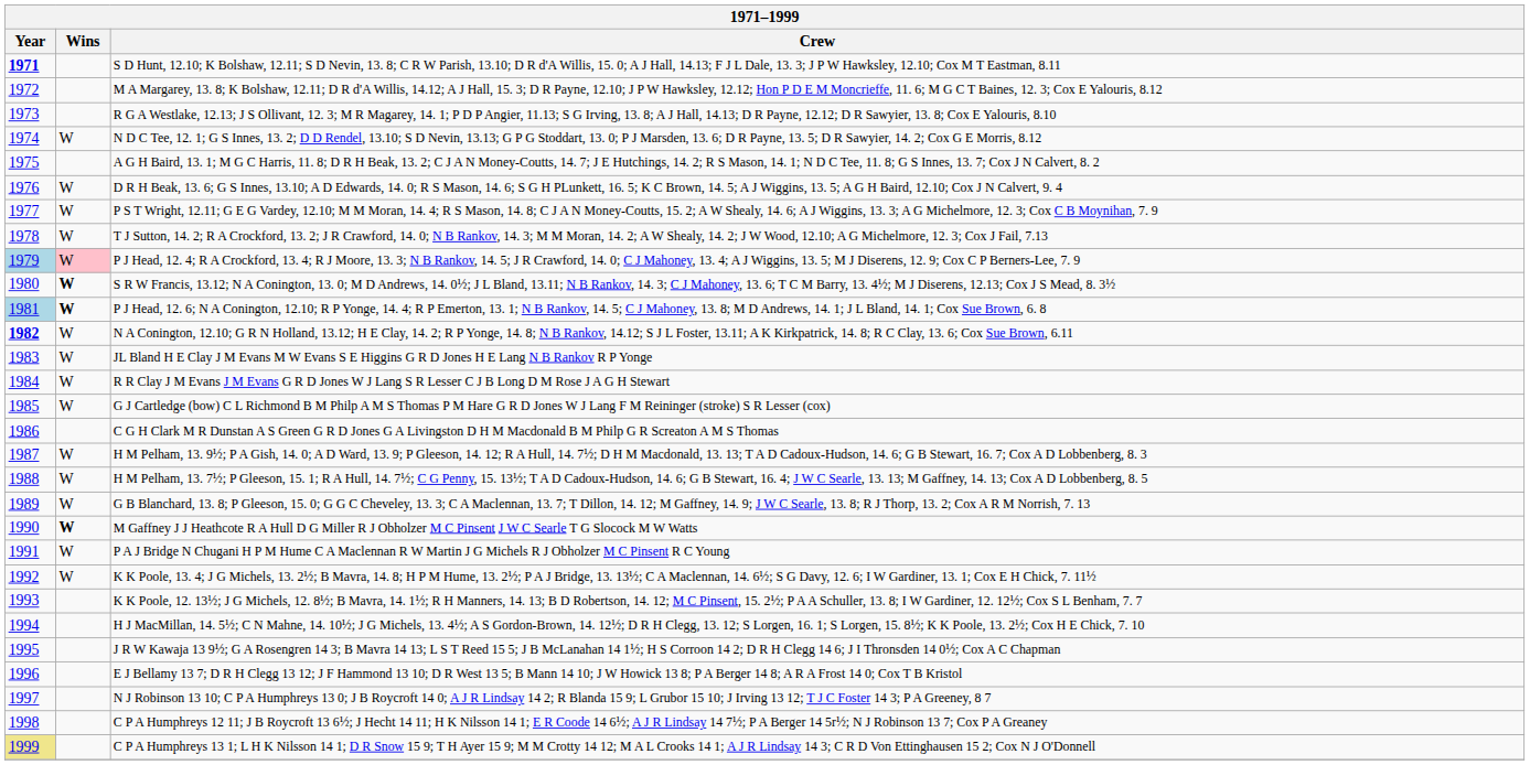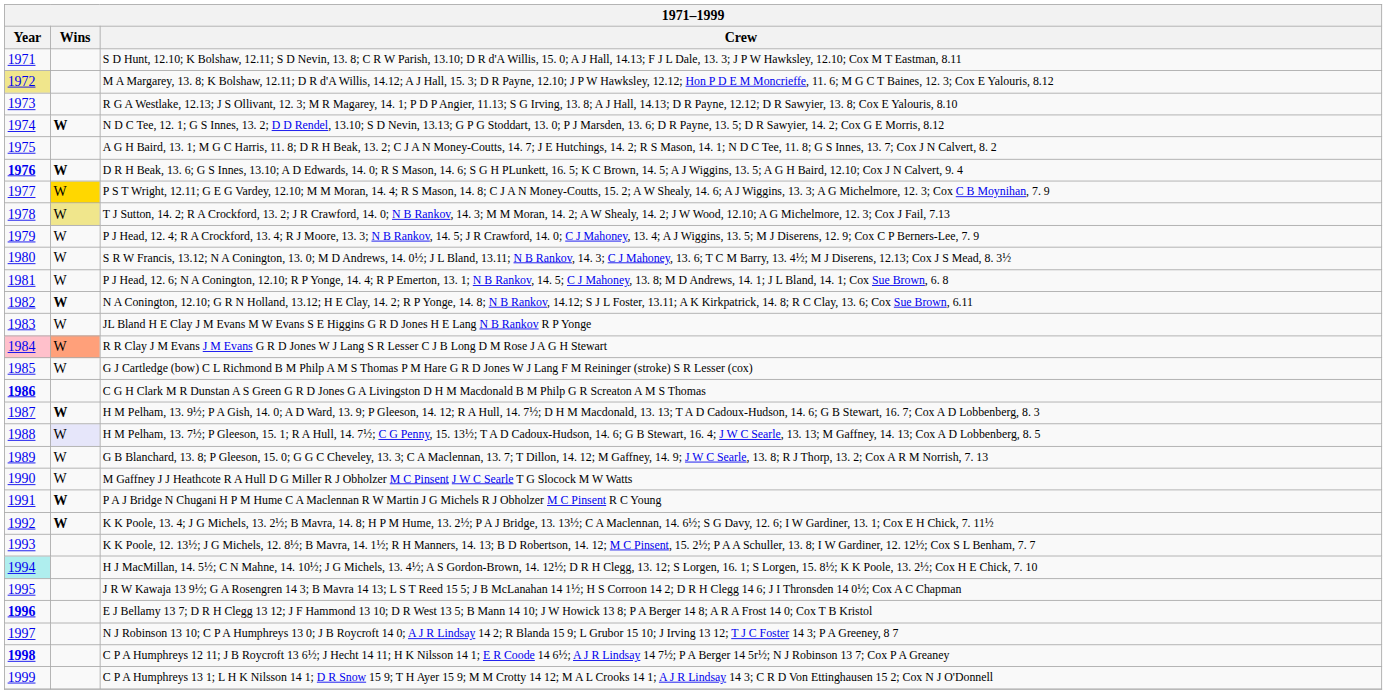 <table class="wikitable" width="100%">
 <tr>
 <th colspan=3>1971–1999</th>
 </tr>
 <tr>
 <th>Year</th>
 <th>Wins</th>
 <th>Crew</th>
 </tr>
 <tr>
-<td><strong><a href='#'>1971</a></strong></td>
+<td><a href='#'>1971</a></td>
 <td></td>
 <td style="font-size:85%">S D Hunt, 12.10; K Bolshaw, 12.11; S D Nevin, 13. 8; C R W Parish, 13.10; D R d'A Willis, 15. 0; A J Hall, 14.13; F J L Dale, 13. 3; J P W Hawksley, 12.10; Cox M T Eastman, 8.11</td>
 </tr>
 <tr>
-<td><a href='#'>1972</a></td>
+<td style="background: khaki;"><a href='#'>1972</a></td>
 <td></td>
 <td style="font-size:85%">M A Margarey, 13. 8; K Bolshaw, 12.11; D R d'A Willis, 14.12; A J Hall, 15. 3; D R Payne, 12.10; J P W Hawksley, 12.12; <a href='#'>Hon P D E M Moncrieffe</a>, 11. 6; M G C T Baines, 12. 3; Cox E Yalouris, 8.12</td>
 </tr>
 <tr>
 <td><a href='#'>1973</a></td>
 <td></td>
 <td style="font-size:85%">R G A Westlake, 12.13; J S Ollivant, 12. 3; M R Magarey, 14. 1; P D P Angier, 11.13; S G Irving, 13. 8; A J Hall, 14.13; D R Payne, 12.12; D R Sawyier, 13. 8; Cox E Yalouris, 8.10</td>
 </tr>
 <tr>
 <td><a href='#'>1974</a></td>
-<td>W</td>
+<td><strong>W</strong></td>
 <td style="font-size:85%">N D C Tee, 12. 1; G S Innes, 13. 2; <a href='#'>D D Rendel</a>, 13.10; S D Nevin, 13.13; G P G Stoddart, 13. 0; P J Marsden, 13. 6; D R Payne, 13. 5; D R Sawyier, 14. 2; Cox G E Morris, 8.12</td>
 </tr>
 <tr>
 <td><a href='#'>1975</a></td>
 <td></td>
 <td style="font-size:85%">A G H Baird, 13. 1; M G C Harris, 11. 8; D R H Beak, 13. 2; C J A N Money-Coutts, 14. 7; J E Hutchings, 14. 2; R S Mason, 14. 1; N D C Tee, 11. 8; G S Innes, 13. 7; Cox J N Calvert, 8. 2</td>
 </tr>
 <tr>
-<td><a href='#'>1976</a></td>
-<td>W</td>
+<td><strong><a href='#'>1976</a></strong></td>
+<td><strong>W</strong></td>
 <td style="font-size:85%">D R H Beak, 13. 6; G S Innes, 13.10; A D Edwards, 14. 0; R S Mason, 14. 6; S G H PLunkett, 16. 5; K C Brown, 14. 5; A J Wiggins, 13. 5; A G H Baird, 12.10; Cox J N Calvert, 9. 4</td>
 </tr>
 <tr>
 <td><a href='#'>1977</a></td>
-<td>W</td>
+<td style="background: gold;">W</td>
 <td style="font-size:85%">P S T Wright, 12.11; G E G Vardey, 12.10; M M Moran, 14. 4; R S Mason, 14. 8; C J A N Money-Coutts, 15. 2; A W Shealy, 14. 6; A J Wiggins, 13. 3; A G Michelmore, 12. 3; Cox <a href='#'>C B Moynihan</a>, 7. 9</td>
 </tr>
 <tr>
 <td><a href='#'>1978</a></td>
-<td>W</td>
+<td style="background: khaki;">W</td>
 <td style="font-size:85%">T J Sutton, 14. 2; R A Crockford, 13. 2; J R Crawford, 14. 0; <a href='#'>N B Rankov</a>, 14. 3; M M Moran, 14. 2; A W Shealy, 14. 2; J W Wood, 12.10; A G Michelmore, 12. 3; Cox J Fail, 7.13</td>
 </tr>
 <tr>
-<td style="background: lightblue;"><a href='#'>1979</a></td>
-<td style="background: pink;">W</td>
+<td><a href='#'>1979</a></td>
+<td>W</td>
 <td style="font-size:85%">P J Head, 12. 4; R A Crockford, 13. 4; R J Moore, 13. 3; <a href='#'>N B Rankov</a>, 14. 5; J R Crawford, 14. 0; <a href='#'>C J Mahoney</a>, 13. 4; A J Wiggins, 13. 5; M J Diserens, 12. 9; Cox C P Berners-Lee, 7. 9</td>
 </tr>
 <tr>
 <td><a href='#'>1980</a></td>
-<td><strong>W</strong></td>
+<td>W</td>
 <td style="font-size:85%">S R W Francis, 13.12; N A Conington, 13. 0; M D Andrews, 14. 0½; J L Bland, 13.11; <a href='#'>N B Rankov</a>, 14. 3; <a href='#'>C J Mahoney</a>, 13. 6; T C M Barry, 13. 4½; M J Diserens, 12.13; Cox J S Mead, 8. 3½</td>
 </tr>
 <tr>
-<td style="background: lightblue;"><a href='#'>1981</a></td>
-<td><strong>W</strong></td>
+<td><a href='#'>1981</a></td>
+<td>W</td>
 <td style="font-size:85%">P J Head, 12. 6; N A Conington, 12.10; R P Yonge, 14. 4; R P Emerton, 13. 1; <a href='#'>N B Rankov</a>, 14. 5; <a href='#'>C J Mahoney</a>, 13. 8; M D Andrews, 14. 1; J L Bland, 14. 1; Cox <a href='#'>Sue Brown</a>, 6. 8</td>
 </tr>
 <tr>
-<td><strong><a href='#'>1982</a></strong></td>
-<td>W</td>
+<td><a href='#'>1982</a></td>
+<td><strong>W</strong></td>
 <td style="font-size:85%">N A Conington, 12.10; G R N Holland, 13.12; H E Clay, 14. 2; R P Yonge, 14. 8; <a href='#'>N B Rankov</a>, 14.12; S J L Foster, 13.11; A K Kirkpatrick, 14. 8; R C Clay, 13. 6; Cox <a href='#'>Sue Brown</a>, 6.11</td>
 </tr>
 <tr>
 <td><a href='#'>1983</a></td>
 <td>W</td>
 <td style="font-size:85%">JL Bland H E Clay J M Evans M W Evans S E Higgins G R D Jones H E Lang <a href='#'>N B Rankov</a> R P Yonge</td>
 </tr>
 <tr>
-<td><a href='#'>1984</a></td>
-<td>W</td>
+<td style="background: pink;"><a href='#'>1984</a></td>
+<td style="background: lightsalmon;">W</td>
 <td style="font-size:85%">R R Clay J M Evans <a href='#'>J M Evans</a> G R D Jones W J Lang S R Lesser C J B Long D M Rose J A G H Stewart</td>
 </tr>
 <tr>
 <td><a href='#'>1985</a></td>
 <td>W</td>
 <td style="font-size:85%">G J Cartledge (bow) C L Richmond B M Philp A M S Thomas P M Hare G R D Jones W J Lang F M Reininger (stroke) S R Lesser (cox)</td>
 </tr>
 <tr>
-<td><a href='#'>1986</a></td>
+<td><strong><a href='#'>1986</a></strong></td>
 <td></td>
 <td style="font-size:85%">C G H Clark M R Dunstan A S Green G R D Jones G A Livingston D H M Macdonald B M Philp G R Screaton A M S Thomas</td>
 </tr>
 <tr>
 <td><a href='#'>1987</a></td>
-<td>W</td>
+<td><strong>W</strong></td>
 <td style="font-size:85%">H M Pelham, 13. 9½; P A Gish, 14. 0; A D Ward, 13. 9; P Gleeson, 14. 12; R A Hull, 14. 7½; D H M Macdonald, 13. 13; T A D Cadoux-Hudson, 14. 6; G B Stewart, 16. 7; Cox A D Lobbenberg, 8. 3</td>
 </tr>
 <tr>
 <td><a href='#'>1988</a></td>
-<td>W</td>
+<td style="background: lavender;">W</td>
 <td style="font-size:85%">H M Pelham, 13. 7½; P Gleeson, 15. 1; R A Hull, 14. 7½; <a href='#'>C G Penny</a>, 15. 13½; T A D Cadoux-Hudson, 14. 6; G B Stewart, 16. 4; <a href='#'>J W C Searle</a>, 13. 13; M Gaffney, 14. 13; Cox A D Lobbenberg, 8. 5</td>
 </tr>
 <tr>
 <td><a href='#'>1989</a></td>
 <td>W</td>
 <td style="font-size:85%">G B Blanchard, 13. 8; P Gleeson, 15. 0; G G C Cheveley, 13. 3; C A Maclennan, 13. 7; T Dillon, 14. 12; M Gaffney, 14. 9; <a href='#'>J W C Searle</a>, 13. 8; R J Thorp, 13. 2; Cox A R M Norrish, 7. 13</td>
 </tr>
 <tr>
 <td><a href='#'>1990</a></td>
-<td><strong>W</strong></td>
+<td>W</td>
 <td style="font-size:85%">M Gaffney J J Heathcote R A Hull D G Miller R J Obholzer <a href='#'>M C Pinsent</a> <a href='#'>J W C Searle</a> T G Slocock M W Watts</td>
 </tr>
 <tr>
 <td><a href='#'>1991</a></td>
-<td>W</td>
+<td><strong>W</strong></td>
 <td style="font-size:85%">P A J Bridge N Chugani H P M Hume C A Maclennan R W Martin J G Michels R J Obholzer <a href='#'>M C Pinsent</a> R C Young</td>
 </tr>
 <tr>
 <td><a href='#'>1992</a></td>
-<td>W</td>
+<td><strong>W</strong></td>
 <td style="font-size:85%">K K Poole, 13. 4; J G Michels, 13. 2½; B Mavra, 14. 8; H P M Hume, 13. 2½; P A J Bridge, 13. 13½; C A Maclennan, 14. 6½; S G Davy, 12. 6; I W Gardiner, 13. 1; Cox E H Chick, 7. 11½</td>
 </tr>
 <tr>
 <td><a href='#'>1993</a></td>
 <td></td>
 <td style="font-size:85%">K K Poole, 12. 13½; J G Michels, 12. 8½; B Mavra, 14. 1½; R H Manners, 14. 13; B D Robertson, 14. 12; <a href='#'>M C Pinsent</a>, 15. 2½; P A A Schuller, 13. 8; I W Gardiner, 12. 12½; Cox S L Benham, 7. 7</td>
 </tr>
 <tr>
-<td><a href='#'>1994</a></td>
+<td style="background: paleturquoise;"><a href='#'>1994</a></td>
 <td></td>
 <td style="font-size:85%">H J MacMillan, 14. 5½; C N Mahne, 14. 10½; J G Michels, 13. 4½; A S Gordon-Brown, 14. 12½; D R H Clegg, 13. 12; S Lorgen, 16. 1; S Lorgen, 15. 8½; K K Poole, 13. 2½; Cox H E Chick, 7. 10</td>
 </tr>
 <tr>
 <td><a href='#'>1995</a></td>
 <td></td>
 <td style="font-size:85%">J R W Kawaja 13 9½; G A Rosengren 14 3; B Mavra 14 13; L S T Reed 15 5; J B McLanahan 14 1½; H S Corroon 14 2; D R H Clegg 14 6; J I Thronsden 14 0½; Cox A C Chapman</td>
 </tr>
 <tr>
-<td><a href='#'>1996</a></td>
+<td><strong><a href='#'>1996</a></strong></td>
 <td></td>
 <td style="font-size:85%">E J Bellamy 13 7; D R H Clegg 13 12; J F Hammond 13 10; D R West 13 5; B Mann 14 10; J W Howick 13 8; P A Berger 14 8; A R A Frost 14 0; Cox T B Kristol</td>
 </tr>
 <tr>
 <td><a href='#'>1997</a></td>
 <td></td>
 <td style="font-size:85%">N J Robinson 13 10; C P A Humphreys 13 0; J B Roycroft 14 0; <a href='#'>A J R Lindsay</a> 14 2; R Blanda 15 9; L Grubor 15 10; J Irving 13 12; <a href='#'>T J C Foster</a> 14 3; P A Greeney, 8 7</td>
 </tr>
 <tr>
-<td><a href='#'>1998</a></td>
+<td><strong><a href='#'>1998</a></strong></td>
 <td></td>
 <td style="font-size:85%">C P A Humphreys 12 11; J B Roycroft 13 6½; J Hecht 14 11; H K Nilsson 14 1; <a href='#'>E R Coode</a> 14 6½; <a href='#'>A J R Lindsay</a> 14 7½; P A Berger 14 5r½; N J Robinson 13 7; Cox P A Greaney</td>
 </tr>
 <tr>
-<td style="background: khaki;"><a href='#'>1999</a></td>
+<td><a href='#'>1999</a></td>
 <td></td>
 <td style="font-size:85%">C P A Humphreys 13 1; L H K Nilsson 14 1; <a href='#'>D R Snow</a> 15 9; T H Ayer 15 9; M M Crotty 14 12; M A L Crooks 14 1; <a href='#'>A J R Lindsay</a> 14 3; C R D Von Ettinghausen 15 2; Cox N J O'Donnell</td>
 </tr>
 <tr>
 </tr>
 </table>
